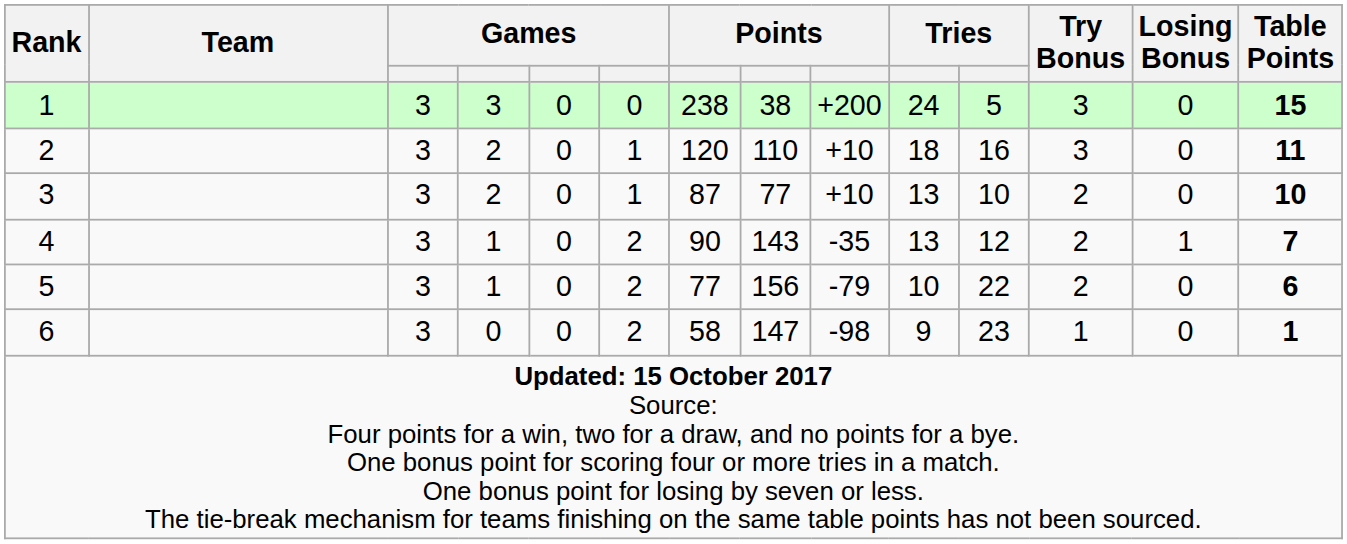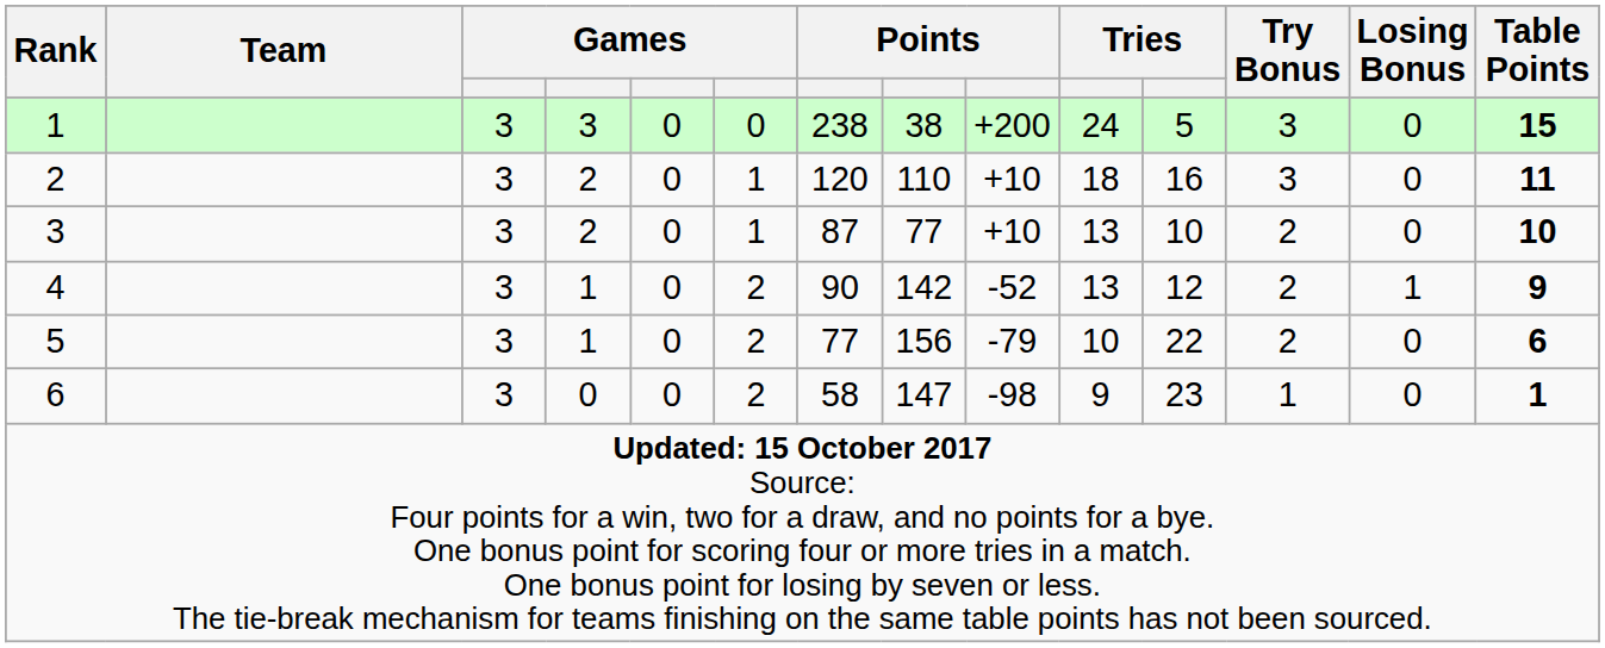 <table class="wikitable"  style="text-align: center;">
 <tr>
 <th rowspan="2" width="20">Rank</th>
 <th rowspan="2" width="160">Team</th>
 <th colspan="4">Games</th>
 <th colspan="3">Points</th>
 <th colspan="2">Tries</th>
 <th rowspan="2" width="50">Try Bonus</th>
 <th rowspan="2" width="50">Losing Bonus</th>
 <th rowspan="2" width="50">Table Points</th>
 </tr>
 <tr>
 <th style="width:2em"></th>
 <th style="width:2em"></th>
 <th style="width:2em"></th>
 <th style="width:2em"></th>
 <th style="width:2em"></th>
 <th style="width:2em"></th>
 <th style="width:2em"></th>
 <th style="width:2em"></th>
 <th style="width:2em"></th>
 </tr>
 <tr bgcolor="#ccffcc">
 <td>1</td>
 <td align=left></td>
 <td>3</td>
 <td>3</td>
 <td>0</td>
 <td>0</td>
 <td>238</td>
 <td>38</td>
 <td>+200</td>
 <td>24</td>
 <td>5</td>
 <td>3</td>
 <td>0</td>
 <td><strong>15</strong></td>
 </tr>
 <tr>
 <td>2</td>
 <td align=left></td>
 <td>3</td>
 <td>2</td>
 <td>0</td>
 <td>1</td>
 <td>120</td>
 <td>110</td>
 <td>+10</td>
 <td>18</td>
 <td>16</td>
 <td>3</td>
 <td>0</td>
 <td><strong>11</strong></td>
 </tr>
 <tr>
 <td>3</td>
 <td align=left></td>
 <td>3</td>
 <td>2</td>
 <td>0</td>
 <td>1</td>
 <td>87</td>
 <td>77</td>
 <td>+10</td>
 <td>13</td>
 <td>10</td>
 <td>2</td>
 <td>0</td>
 <td><strong>10</strong></td>
 </tr>
 <tr>
 <td>4</td>
 <td align=left></td>
 <td>3</td>
 <td>1</td>
 <td>0</td>
 <td>2</td>
 <td>90</td>
-<td>143</td>
-<td>-35</td>
+<td>142</td>
+<td>-52</td>
 <td>13</td>
 <td>12</td>
 <td>2</td>
 <td>1</td>
-<td><strong>7</strong></td>
+<td><strong>9</strong></td>
 </tr>
 <tr>
 <td>5</td>
 <td align=left></td>
 <td>3</td>
 <td>1</td>
 <td>0</td>
 <td>2</td>
 <td>77</td>
 <td>156</td>
 <td>-79</td>
 <td>10</td>
 <td>22</td>
 <td>2</td>
 <td>0</td>
 <td><strong>6</strong></td>
 </tr>
 <tr>
 <td>6</td>
 <td align=left></td>
 <td>3</td>
 <td>0</td>
 <td>0</td>
 <td>2</td>
 <td>58</td>
 <td>147</td>
 <td>-98</td>
 <td>9</td>
 <td>23</td>
 <td>1</td>
 <td>0</td>
 <td><strong>1</strong></td>
 </tr>
 <tr>
 <td colspan="100%" style="border:0; row-height:108%; font-size:90%"><strong>Updated: 15 October 2017</strong><br>Source: <br>Four points for a win, two for a draw, and no points for a bye.<br>One bonus point for scoring four or more tries in a match.<br> One bonus point for losing by seven or less.<br>The tie-break mechanism for teams finishing on the same table points has not been sourced.</td>
 </tr>
 </table>
